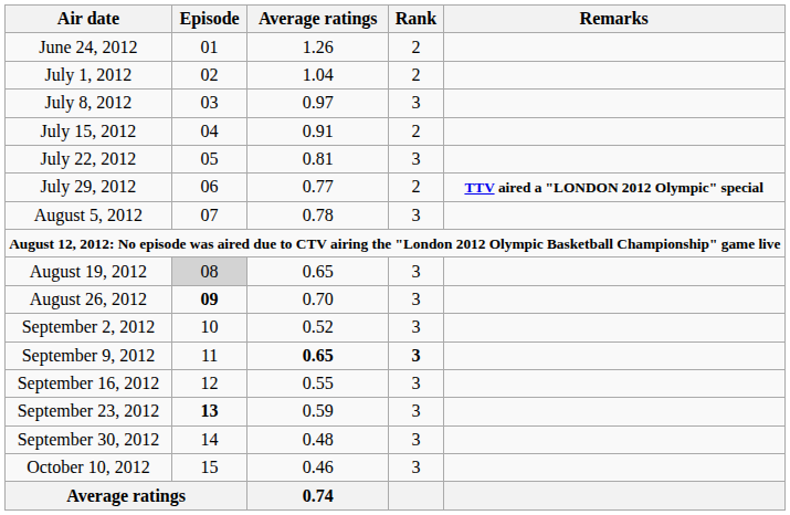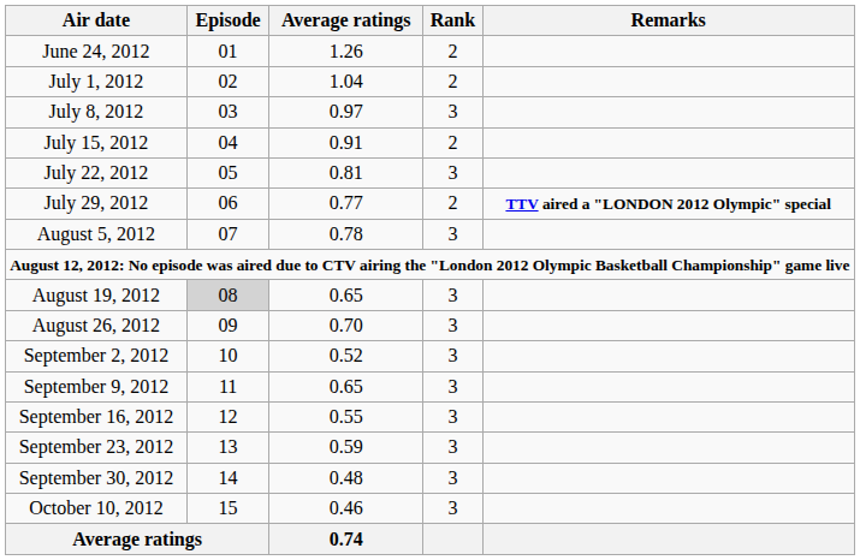 <table class="wikitable">
 <tr>
 <th>Air date</th>
 <th>Episode</th>
 <th>Average ratings</th>
 <th>Rank</th>
 <th>Remarks</th>
 </tr>
 <tr align="center">
 <td>June 24, 2012</td>
 <td>01</td>
 <td>1.26</td>
 <td>2</td>
 <td></td>
 </tr>
 <tr align=center>
 <td>July 1, 2012</td>
 <td>02</td>
 <td>1.04</td>
 <td>2</td>
 <td></td>
 </tr>
 <tr align=center>
 <td>July 8, 2012</td>
 <td>03</td>
 <td>0.97</td>
 <td>3</td>
 <td></td>
 </tr>
 <tr align=center>
 <td>July 15, 2012</td>
 <td>04</td>
 <td>0.91</td>
 <td>2</td>
 <td></td>
 </tr>
 <tr align=center>
 <td>July 22, 2012</td>
 <td>05</td>
 <td>0.81</td>
 <td>3</td>
 <td></td>
 </tr>
 <tr align=center>
 <td>July 29, 2012</td>
 <td>06</td>
 <td>0.77</td>
 <td>2</td>
 <td><small><strong><a href='#'>TTV</a> aired a "LONDON 2012 Olympic" special</strong></small></td>
 </tr>
 <tr align=center>
 <td>August 5, 2012</td>
 <td>07</td>
 <td>0.78</td>
 <td>3</td>
 <td></td>
 </tr>
 <tr align=center>
 <td colspan=5><small><strong>August 12, 2012: No episode was aired due to CTV airing the "London 2012 Olympic Basketball Championship" game live</strong></small></td>
 </tr>
 <tr align=center>
 <td>August 19, 2012</td>
 <td style="background: lightgrey;">08</td>
 <td>0.65</td>
 <td>3</td>
 <td></td>
 </tr>
 <tr align=center>
 <td>August 26, 2012</td>
-<td><strong>09</strong></td>
+<td>09</td>
 <td>0.70</td>
 <td>3</td>
 <td></td>
 </tr>
 <tr align=center>
 <td>September 2, 2012</td>
 <td>10</td>
 <td>0.52</td>
 <td>3</td>
 <td></td>
 </tr>
 <tr align="center">
 <td>September 9, 2012</td>
 <td>11</td>
-<td><strong>0.65</strong></td>
-<td><strong>3</strong></td>
+<td>0.65</td>
+<td>3</td>
 <td></td>
 </tr>
 <tr align=center>
 <td>September 16, 2012</td>
 <td>12</td>
 <td>0.55</td>
 <td>3</td>
 <td></td>
 </tr>
 <tr align=center>
 <td>September 23, 2012</td>
-<td><strong>13</strong></td>
+<td>13</td>
 <td>0.59</td>
 <td>3</td>
 <td></td>
 </tr>
 <tr align=center>
 <td>September 30, 2012</td>
 <td>14</td>
 <td>0.48</td>
 <td>3</td>
 <td></td>
 </tr>
 <tr align=center>
 <td>October 10, 2012</td>
 <td>15</td>
 <td>0.46</td>
 <td>3</td>
 <td></td>
 </tr>
 <tr align=center>
 <th colspan="2">Average ratings</th>
 <th>0.74</th>
 <th></th>
 <th></th>
 </tr>
 </table>
